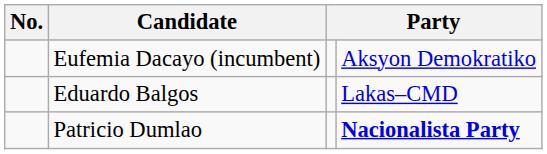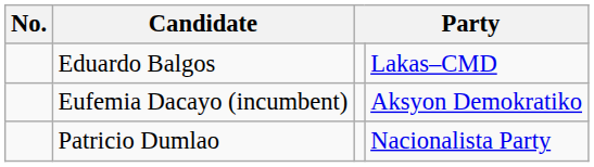 <table class="wikitable sortable" style="text-align:left;">
 <tr>
 <th>No.</th>
 <th>Candidate</th>
 <th colspan="2">Party</th>
+</tr>
+<tr>
+<td></td>
+<td>Eduardo Balgos</td>
+<td></td>
+<td><a href='#'>Lakas–CMD</a></td>
 </tr>
 <tr>
 <td></td>
 <td>Eufemia Dacayo (incumbent)</td>
 <td></td>
 <td><a href='#'>Aksyon Demokratiko</a></td>
 </tr>
 <tr>
 <td></td>
-<td>Eduardo Balgos</td>
-<td></td>
-<td><a href='#'>Lakas–CMD</a></td>
-</tr>
-<tr>
-<td></td>
 <td>Patricio Dumlao</td>
 <td></td>
-<td><strong><a href='#'>Nacionalista Party</a></strong></td>
+<td><a href='#'>Nacionalista Party</a></td>
 </tr>
 </table>
